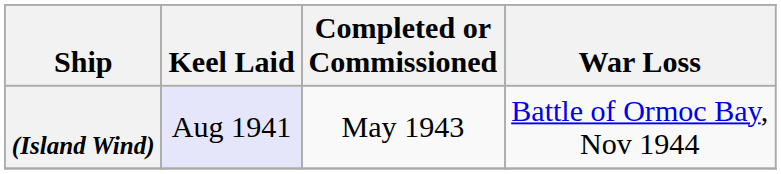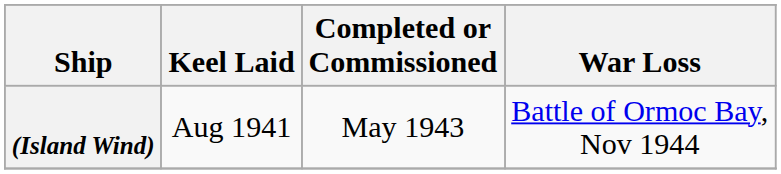 <table class="wikitable plainrowheaders" style="text-align: center">
 <tr valign="bottom">
 <th scope="col">Ship</th>
 <th scope="col">Keel Laid</th>
 <th scope="col">Completed or<br>Commissioned</th>
 <th scope="col">War Loss</th>
 </tr>
 <tr>
 <th><br><small><em>(Island Wind)</em></small></th>
-<td style="background: lavender;">Aug 1941</td>
+<td>Aug 1941</td>
 <td>May 1943</td>
 <td><a href='#'>Battle of Ormoc Bay</a>,<br>Nov 1944</td>
 </tr>
 <tr>
 </tr>
 </table>
